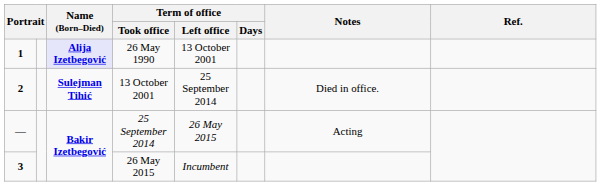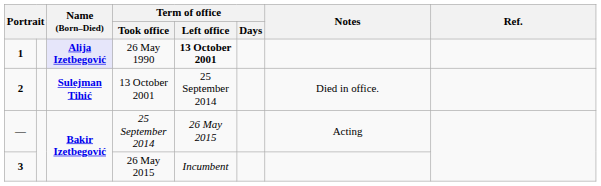 <table class="wikitable" style="text-align:center; width:55%; border:1px #AAAAFF solid">
 <tr>
 <th rowspan=2 colspan=2>Portrait</th>
 <th rowspan=2>Name<br><small>(Born–Died)</small></th>
 <th colspan=3>Term of office</th>
 <th width=28% rowspan=2>Notes</th>
 <th width=28% rowspan=2>Ref.</th>
 </tr>
 <tr>
 <th>Took office</th>
 <th>Left office</th>
 <th>Days</th>
 </tr>
 <tr>
 <td style="background:"><strong>1</strong></td>
 <td></td>
 <td style="background: lavender;"><strong><a href='#'>Alija Izetbegović</a></strong><br></td>
 <td>26 May 1990</td>
-<td>13 October 2001</td>
+<td><strong>13 October 2001</strong></td>
 <td></td>
 <td></td>
 <td></td>
 </tr>
 <tr>
 <td style="background:"><strong>2</strong></td>
 <td></td>
 <td><strong><a href='#'>Sulejman Tihić</a></strong><br></td>
 <td>13 October 2001</td>
 <td>25 September 2014</td>
 <td></td>
 <td>Died in office.</td>
 <td></td>
 </tr>
 <tr>
 <td style="background:"><strong>—</strong></td>
 <td rowspan=2></td>
 <td rowspan=2><strong><a href='#'>Bakir Izetbegović</a></strong><br></td>
 <td><em>25 September 2014</em></td>
 <td><em>26 May 2015</em></td>
 <td></td>
 <td>Acting</td>
 <td rowspan=2></td>
 </tr>
 <tr>
 <td style="background:"><strong>3</strong></td>
 <td>26 May 2015</td>
 <td><em>Incumbent</em></td>
 <td></td>
 <td></td>
 </tr>
 </table>
